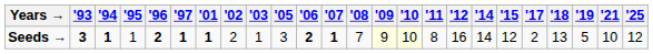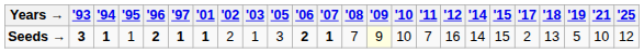 <table class="wikitable">
 <tr>
 <th>Years →</th>
 <th><a href='#'>'93</a></th>
 <th><a href='#'>'94</a></th>
 <th><a href='#'>'95</a></th>
 <th><a href='#'>'96</a></th>
 <th><a href='#'>'97</a></th>
 <th><a href='#'>'01</a></th>
 <th><a href='#'>'02</a></th>
 <th><a href='#'>'03</a></th>
 <th><a href='#'>'05</a></th>
 <th><a href='#'>'06</a></th>
 <th><a href='#'>'07</a></th>
 <th><a href='#'>'08</a></th>
 <th><a href='#'>'09</a></th>
 <th><a href='#'>'10</a></th>
 <th><a href='#'>'11</a></th>
 <th><a href='#'>'12</a></th>
 <th><a href='#'>'14</a></th>
 <th><a href='#'>'15</a></th>
 <th><a href='#'>'17</a></th>
 <th><a href='#'>'18</a></th>
 <th><a href='#'>'19</a></th>
 <th><a href='#'>'21</a></th>
 <th><a href='#'>'25</a></th>
 </tr>
 <tr align=center>
 <td style="text-align:left; "><strong>Seeds →</strong></td>
 <td><strong>3</strong></td>
 <td><strong>1</strong></td>
 <td>1</td>
 <td><strong>2</strong></td>
 <td><strong>1</strong></td>
 <td><strong>1</strong></td>
 <td>2</td>
 <td>1</td>
 <td>3</td>
 <td><strong>2</strong></td>
 <td><strong>1</strong></td>
 <td>7</td>
 <td style="background: lightyellow;">9</td>
-<td style="background: lightyellow;">10</td>
-<td>8</td>
+<td>10</td>
+<td>7</td>
 <td>16</td>
 <td>14</td>
-<td>12</td>
+<td>15</td>
 <td>2</td>
 <td>13</td>
 <td>5</td>
 <td>10</td>
 <td>12</td>
 </tr>
 </table>
